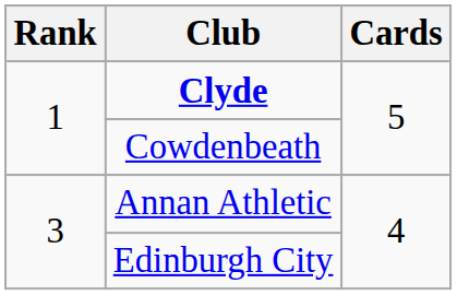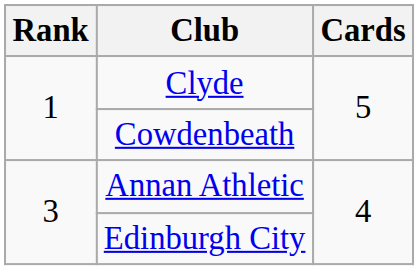 <table class="wikitable" style="text-align:center">
 <tr>
 <th>Rank</th>
 <th>Club</th>
 <th>Cards</th>
 </tr>
 <tr>
 <td rowspan="2">1</td>
-<td><strong><a href='#'>Clyde</a></strong></td>
+<td><a href='#'>Clyde</a></td>
 <td rowspan="2">5</td>
 </tr>
 <tr>
 <td><a href='#'>Cowdenbeath</a></td>
 </tr>
 <tr>
 <td rowspan="2">3</td>
 <td><a href='#'>Annan Athletic</a></td>
 <td rowspan="2">4</td>
 </tr>
 <tr>
 <td><a href='#'>Edinburgh City</a></td>
 </tr>
 </table>
